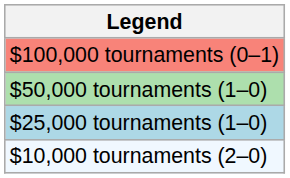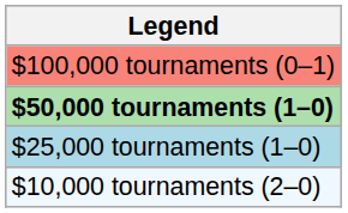 <table class="wikitable" style="font-size:85%">
 <tr>
 <th>Legend</th>
 </tr>
 <tr style="background:#f88379;">
 <td>$100,000 tournaments (0–1)</td>
 </tr>
 <tr style="background:#addfad;">
-<td>$50,000 tournaments (1–0)</td>
+<td><strong>$50,000 tournaments (1–0)</strong></td>
 </tr>
 <tr style="background:lightblue;">
 <td>$25,000 tournaments (1–0)</td>
 </tr>
 <tr style="background:#f0f8ff;">
 <td>$10,000 tournaments (2–0)</td>
 </tr>
 </table>
